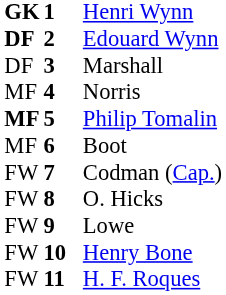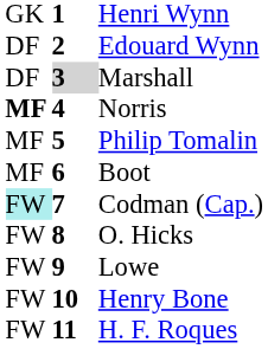 <table style="font-size: 90%" cellspacing="0" cellpadding="0" align=center>
 <tr>
 <td colspan="4"></td>
 </tr>
 <tr>
 <th width=25></th>
 <th width=25></th>
 </tr>
 <tr>
-<td><strong>GK</strong></td>
+<td>GK</td>
 <td><strong>1</strong></td>
 <td> <a href='#'>Henri Wynn</a></td>
 </tr>
 <tr>
-<td><strong>DF</strong></td>
+<td>DF</td>
 <td><strong>2</strong></td>
 <td> <a href='#'>Edouard Wynn</a></td>
 </tr>
 <tr>
 <td>DF</td>
-<td><strong>3</strong></td>
+<td style="background: lightgrey;"><strong>3</strong></td>
 <td> Marshall</td>
 </tr>
 <tr>
-<td>MF</td>
+<td><strong>MF</strong></td>
 <td><strong>4</strong></td>
 <td> Norris</td>
 </tr>
 <tr>
-<td><strong>MF</strong></td>
+<td>MF</td>
 <td><strong>5</strong></td>
 <td> <a href='#'>Philip Tomalin</a></td>
 </tr>
 <tr>
 <td>MF</td>
 <td><strong>6</strong></td>
 <td> Boot</td>
 </tr>
 <tr>
-<td>FW</td>
+<td style="background: paleturquoise;">FW</td>
 <td><strong>7</strong></td>
 <td> Codman (<a href='#'>Cap.</a>)</td>
 </tr>
 <tr>
 <td>FW</td>
 <td><strong>8</strong></td>
 <td> O. Hicks</td>
 </tr>
 <tr>
 <td>FW</td>
 <td><strong>9</strong></td>
 <td> Lowe</td>
 </tr>
 <tr>
 <td>FW</td>
 <td><strong>10</strong></td>
 <td> <a href='#'>Henry Bone</a></td>
 </tr>
 <tr>
 <td>FW</td>
 <td><strong>11</strong></td>
 <td> <a href='#'>H. F. Roques</a></td>
 </tr>
 <tr>
 </tr>
 </table>
